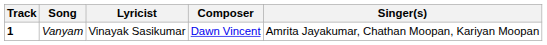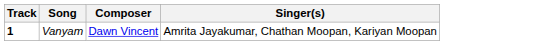 <table class="wikitable sortable" style="background:#ffffff;">
 <tr>
 <th>Track</th>
 <th>Song</th>
-<th>Lyricist</th>
 <th>Composer</th>
 <th>Singer(s)</th>
 </tr>
 <tr>
 <td><strong>1</strong></td>
 <td><em>Vanyam</em></td>
-<td>Vinayak Sasikumar</td>
 <td><a href='#'>Dawn Vincent</a></td>
 <td>Amrita Jayakumar, Chathan Moopan, Kariyan Moopan</td>
 </tr>
 </table>
